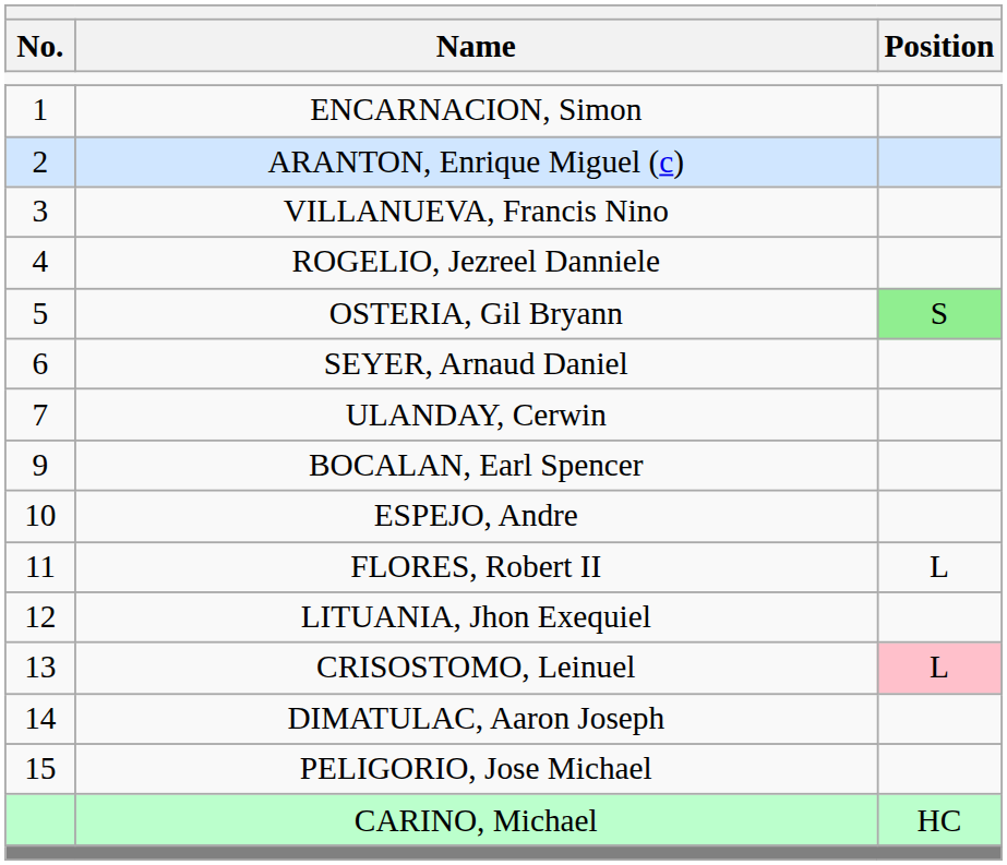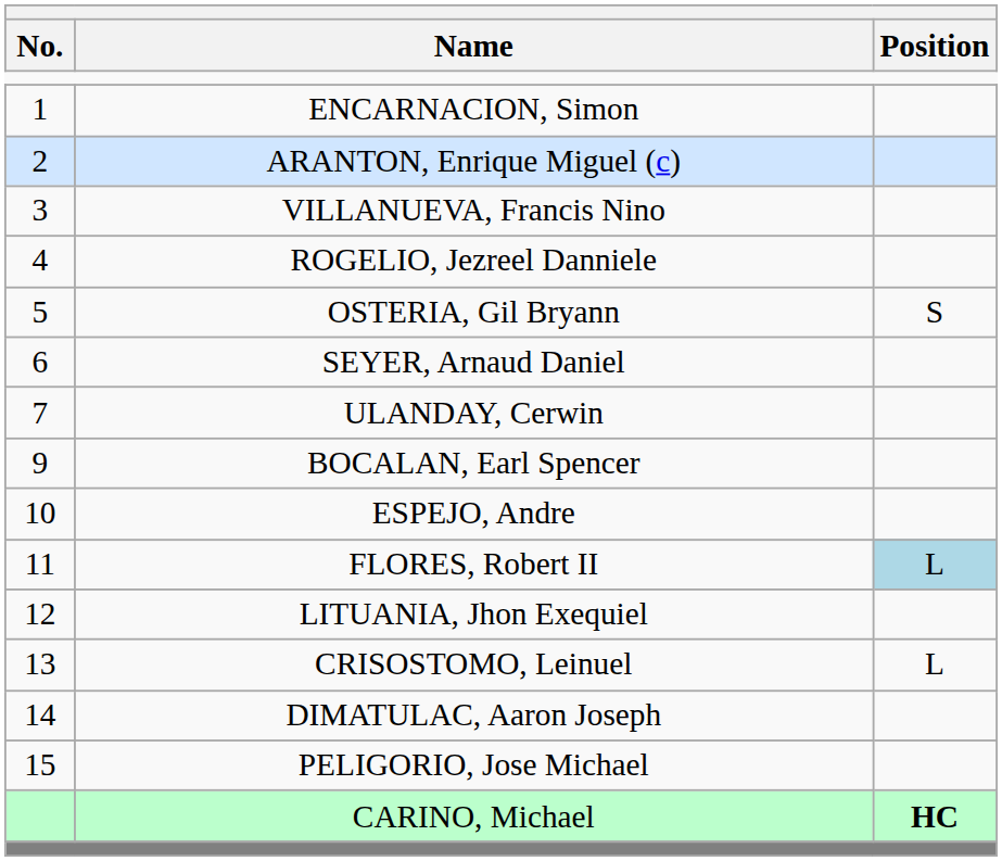 <table class='wikitable mw-collapsible mw-collapsed' style="text-align: center; width: 500px; border: none">
 <tr>
 <th style='text-align: left;' colspan=3></th>
 </tr>
 <tr>
 <th style='width: 7%;'>No.</th>
 <th>Name</th>
 <th style='width: 10%;'>Position</th>
 </tr>
 <tr>
 <td style='border: none;'></td>
 </tr>
 <tr>
 <td>1</td>
 <td>ENCARNACION, Simon</td>
 <td></td>
 </tr>
 <tr style="background:#D0E6FF">
 <td>2</td>
 <td>ARANTON, Enrique Miguel (<a href='#'>c</a>)</td>
 <td></td>
 </tr>
 <tr>
 <td>3</td>
 <td>VILLANUEVA, Francis Nino</td>
 <td></td>
 </tr>
 <tr>
 <td>4</td>
 <td>ROGELIO, Jezreel Danniele</td>
 <td></td>
 </tr>
 <tr>
 <td>5</td>
 <td>OSTERIA, Gil Bryann</td>
-<td style="background: lightgreen;">S</td>
+<td>S</td>
 </tr>
 <tr>
 <td>6</td>
 <td>SEYER, Arnaud Daniel</td>
 <td></td>
 </tr>
 <tr>
 <td>7</td>
 <td>ULANDAY, Cerwin</td>
 <td></td>
 </tr>
 <tr>
 <td>9</td>
 <td>BOCALAN, Earl Spencer</td>
 <td></td>
 </tr>
 <tr>
 <td>10</td>
 <td>ESPEJO, Andre</td>
 <td></td>
 </tr>
 <tr>
 <td>11</td>
 <td>FLORES, Robert II</td>
-<td>L</td>
+<td style="background: lightblue;">L</td>
 </tr>
 <tr>
 <td>12</td>
 <td>LITUANIA, Jhon Exequiel</td>
 <td></td>
 </tr>
 <tr>
 <td>13</td>
 <td>CRISOSTOMO, Leinuel</td>
-<td style="background: pink;">L</td>
+<td>L</td>
 </tr>
 <tr>
 <td>14</td>
 <td>DIMATULAC, Aaron Joseph</td>
 <td></td>
 </tr>
 <tr>
 <td>15</td>
 <td>PELIGORIO, Jose Michael</td>
 <td></td>
 </tr>
 <tr style="background:#BBFFCC">
 <td></td>
 <td>CARINO, Michael</td>
-<td>HC</td>
+<td><strong>HC</strong></td>
 </tr>
 <tr>
 <th style='background: grey;' colspan=3></th>
 </tr>
 </table>
